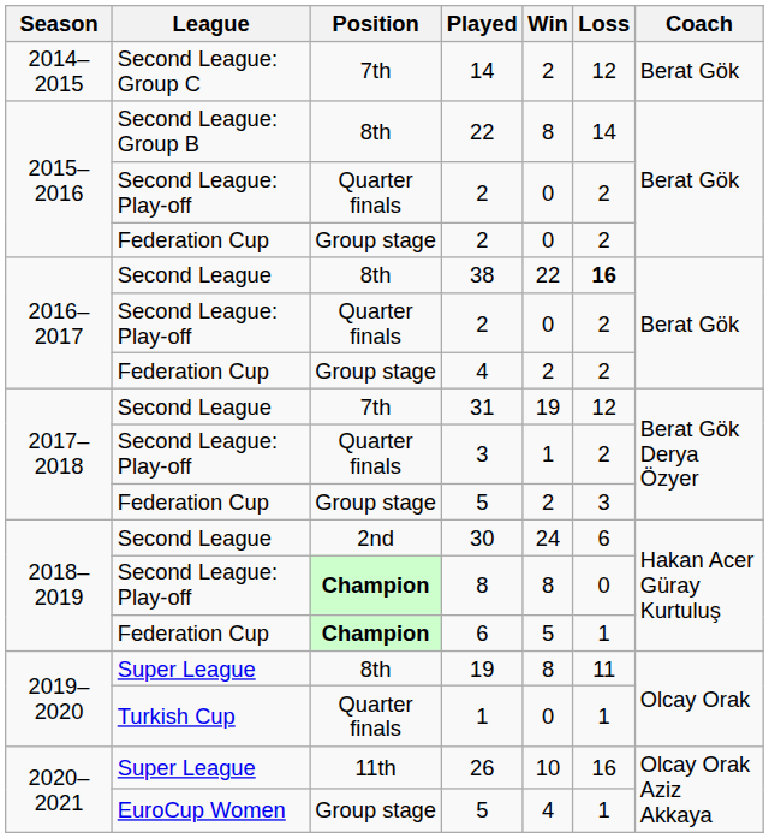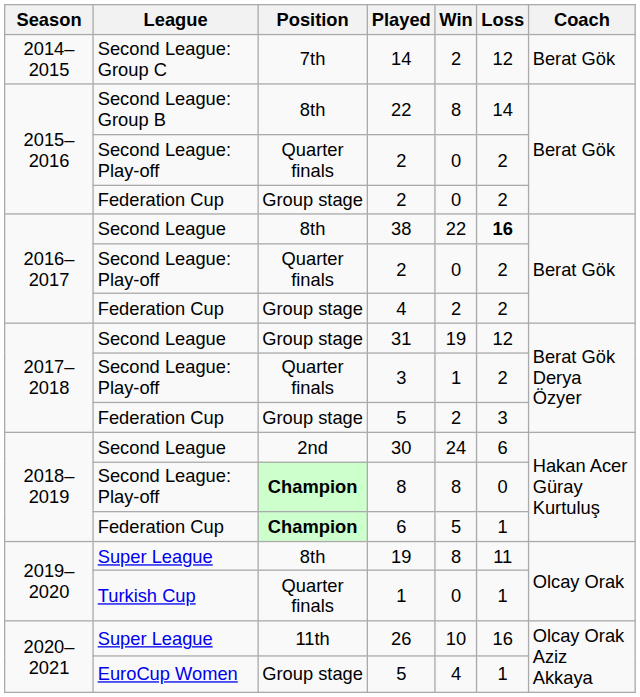 <table class="wikitable" style="font-size:88%; width:55%;">
 <tr>
 <th>Season</th>
 <th>League</th>
 <th>Position</th>
 <th>Played</th>
 <th>Win</th>
 <th>Loss</th>
 <th>Coach</th>
 </tr>
 <tr style="text-align:center;">
 <td>2014–2015</td>
 <td align=left>Second League: Group C</td>
 <td>7th</td>
 <td>14</td>
 <td>2</td>
 <td>12</td>
 <td align=left> Berat Gök</td>
 </tr>
 <tr style="text-align:center;">
 <td rowspan=3>2015–2016</td>
 <td align=left>Second League: Group B</td>
 <td>8th</td>
 <td>22</td>
 <td>8</td>
 <td>14</td>
 <td align=left rowspan=3> Berat Gök</td>
 </tr>
 <tr style="text-align:center;">
 <td align=left>Second League: Play-off</td>
 <td>Quarter finals</td>
 <td>2</td>
 <td>0</td>
 <td>2</td>
 </tr>
 <tr style="text-align:center;">
 <td align=left>Federation Cup</td>
 <td>Group stage</td>
 <td>2</td>
 <td>0</td>
 <td>2</td>
 </tr>
 <tr style="text-align:center;">
 <td rowspan=3>2016–2017</td>
 <td align=left>Second League</td>
 <td>8th</td>
 <td>38</td>
 <td>22</td>
 <td><strong>16</strong></td>
 <td align=left rowspan=3> Berat Gök</td>
 </tr>
 <tr style="text-align:center;">
 <td align=left>Second League: Play-off</td>
 <td>Quarter finals</td>
 <td>2</td>
 <td>0</td>
 <td>2</td>
 </tr>
 <tr style="text-align:center;">
 <td align=left>Federation Cup</td>
 <td>Group stage</td>
 <td>4</td>
 <td>2</td>
 <td>2</td>
 </tr>
 <tr style="text-align:center;">
 <td rowspan=3>2017–2018</td>
 <td align=left>Second League</td>
-<td>7th</td>
+<td>Group stage</td>
 <td>31</td>
 <td>19</td>
 <td>12</td>
 <td align=left rowspan=3> Berat Gök<br>  Derya Özyer</td>
 </tr>
 <tr style="text-align:center;">
 <td align=left>Second League: Play-off</td>
 <td>Quarter finals</td>
 <td>3</td>
 <td>1</td>
 <td>2</td>
 </tr>
 <tr style="text-align:center;">
 <td align=left>Federation Cup</td>
 <td>Group stage</td>
 <td>5</td>
 <td>2</td>
 <td>3</td>
 </tr>
 <tr style="text-align:center;">
 <td rowspan=3>2018–2019</td>
 <td align=left>Second League</td>
 <td>2nd</td>
 <td>30</td>
 <td>24</td>
 <td>6</td>
 <td align=left rowspan=3> Hakan Acer<br>  Güray Kurtuluş</td>
 </tr>
 <tr style="text-align:center;">
 <td align=left>Second League: Play-off</td>
 <td style="background:#cfc;"><strong>Champion</strong></td>
 <td>8</td>
 <td>8</td>
 <td>0</td>
 </tr>
 <tr style="text-align:center;">
 <td align=left>Federation Cup</td>
 <td style="background:#cfc;"><strong>Champion</strong></td>
 <td>6</td>
 <td>5</td>
 <td>1</td>
 </tr>
 <tr style="text-align:center;">
 <td rowspan=2>2019–2020</td>
 <td align=left><a href='#'>Super League</a></td>
 <td>8th</td>
 <td>19</td>
 <td>8</td>
 <td>11</td>
 <td align=left rowspan=2> Olcay Orak</td>
 </tr>
 <tr style="text-align:center;">
 <td align=left><a href='#'>Turkish Cup</a></td>
 <td>Quarter finals</td>
 <td>1</td>
 <td>0</td>
 <td>1</td>
 </tr>
 <tr style="text-align:center;">
 <td rowspan=2>2020–2021</td>
 <td align=left><a href='#'>Super League</a></td>
 <td>11th</td>
 <td>26</td>
 <td>10</td>
 <td>16</td>
 <td align=left rowspan=2> Olcay Orak <br>  Aziz Akkaya</td>
 </tr>
 <tr style="text-align:center;">
 <td align=left><a href='#'>EuroCup Women</a></td>
 <td>Group stage</td>
 <td>5</td>
 <td>4</td>
 <td>1</td>
 </tr>
 </table>
